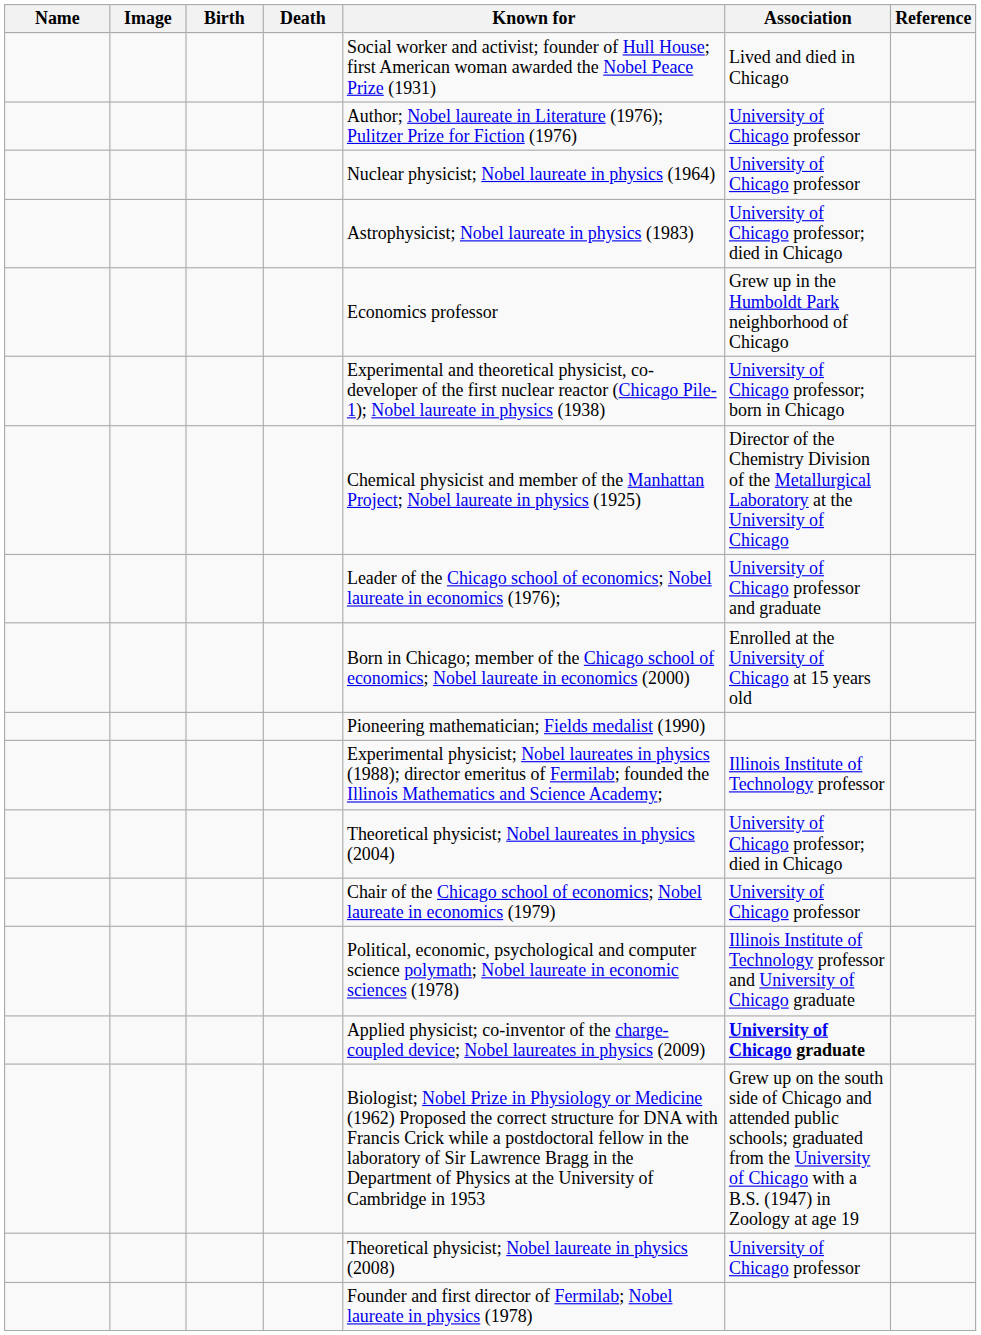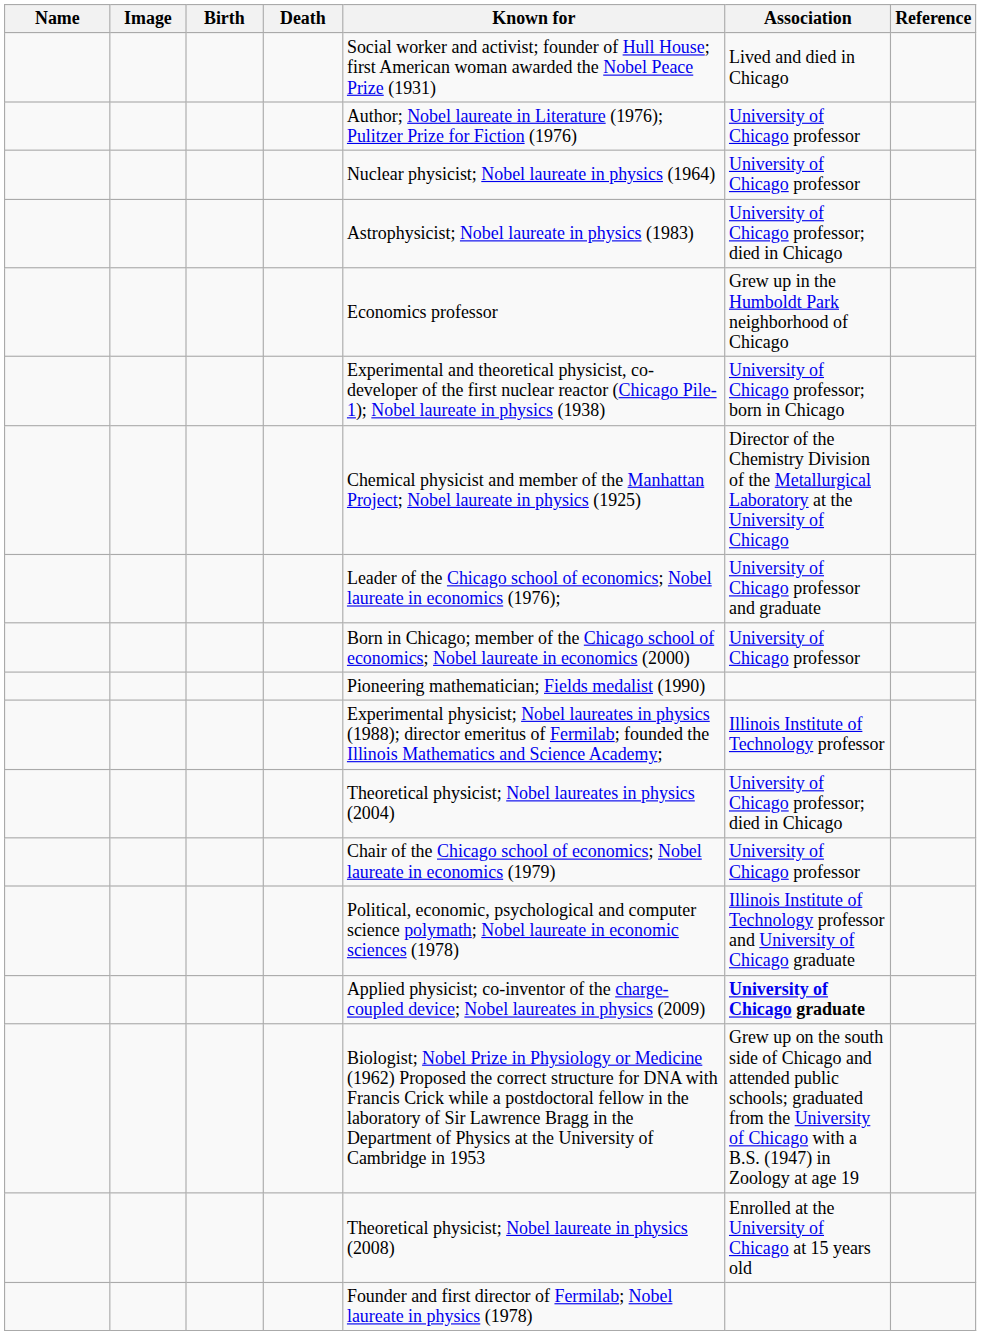 <table class="wikitable sortable">
 <tr>
 <th scope="col" width="140">Name</th>
 <th scope="col" width="80" class="unsortable">Image</th>
 <th scope="col" width="90">Birth</th>
 <th scope="col" width="90">Death</th>
 <th scope="col" width="600" class="unsortable">Known for</th>
 <th scope="col" width="200" class="unsortable">Association</th>
 <th scope="col" width="30" class="unsortable">Reference</th>
 </tr>
 <tr>
 <td></td>
 <td></td>
 <td align=right></td>
 <td align=right></td>
 <td>Social worker and activist; founder of <a href='#'>Hull House</a>; first American woman awarded the <a href='#'>Nobel Peace Prize</a> (1931)</td>
 <td>Lived and died in Chicago</td>
 <td align="center"></td>
 </tr>
 <tr>
 <td></td>
 <td></td>
 <td align=right></td>
 <td align=right></td>
 <td>Author; <a href='#'>Nobel laureate in Literature</a> (1976); <a href='#'>Pulitzer Prize for Fiction</a> (1976)</td>
 <td><a href='#'>University of Chicago</a> professor</td>
 <td align="center"></td>
 </tr>
 <tr>
 <td></td>
 <td></td>
 <td align=right></td>
 <td align=right></td>
 <td>Nuclear physicist; <a href='#'>Nobel laureate in physics</a> (1964)</td>
 <td><a href='#'>University of Chicago</a> professor</td>
 <td align="center"></td>
 </tr>
 <tr>
 <td></td>
 <td></td>
 <td align=right></td>
 <td align=right></td>
 <td>Astrophysicist; <a href='#'>Nobel laureate in physics</a> (1983)</td>
 <td><a href='#'>University of Chicago</a> professor; died in Chicago</td>
 <td align="center"></td>
 </tr>
 <tr>
 <td></td>
 <td></td>
 <td align=right></td>
 <td></td>
 <td>Economics professor</td>
 <td>Grew up in the <a href='#'>Humboldt Park</a> neighborhood of Chicago</td>
 <td align="center"></td>
 </tr>
 <tr>
 <td></td>
 <td></td>
 <td align=right></td>
 <td align=right></td>
 <td>Experimental and theoretical physicist, co-developer of the first nuclear reactor (<a href='#'>Chicago Pile-1</a>); <a href='#'>Nobel laureate in physics</a> (1938)</td>
 <td><a href='#'>University of Chicago</a> professor; born in Chicago</td>
 <td align="center"></td>
 </tr>
 <tr>
 <td></td>
 <td></td>
 <td align=right></td>
 <td align=right></td>
 <td>Chemical physicist and member of the <a href='#'>Manhattan Project</a>; <a href='#'>Nobel laureate in physics</a> (1925)</td>
 <td>Director of the Chemistry Division of the <a href='#'>Metallurgical Laboratory</a> at the <a href='#'>University of Chicago</a></td>
 <td align="center"></td>
 </tr>
 <tr>
 <td></td>
 <td></td>
 <td align=right></td>
 <td align=right></td>
 <td>Leader of the <a href='#'>Chicago school of economics</a>; <a href='#'>Nobel laureate in economics</a> (1976);</td>
 <td><a href='#'>University of Chicago</a> professor and graduate</td>
 <td align="center"></td>
 </tr>
 <tr>
 <td></td>
 <td></td>
 <td align=right></td>
 <td align=right></td>
 <td>Born in Chicago; member of the <a href='#'>Chicago school of economics</a>; <a href='#'>Nobel laureate in economics</a> (2000)</td>
-<td>Enrolled at the <a href='#'>University of Chicago</a> at 15 years old</td>
+<td><a href='#'>University of Chicago</a> professor</td>
 <td align="center"></td>
 </tr>
 <tr>
 <td></td>
 <td></td>
 <td align=right></td>
 <td align=right></td>
 <td>Pioneering mathematician; <a href='#'>Fields medalist</a> (1990)</td>
 <td align="center"></td>
 </tr>
 <tr>
 <td></td>
 <td></td>
 <td align=right></td>
 <td align=right></td>
 <td>Experimental physicist; <a href='#'>Nobel laureates in physics</a> (1988); director emeritus of <a href='#'>Fermilab</a>; founded the <a href='#'>Illinois Mathematics and Science Academy</a>;</td>
 <td><a href='#'>Illinois Institute of Technology</a> professor</td>
 <td align="center"></td>
 </tr>
 <tr>
 <td></td>
 <td></td>
 <td align=right></td>
 <td align=right></td>
 <td>Theoretical physicist; <a href='#'>Nobel laureates in physics</a> (2004)</td>
 <td><a href='#'>University of Chicago</a> professor; died in Chicago</td>
 <td align="center"></td>
 </tr>
 <tr>
 <td></td>
 <td></td>
 <td align=right></td>
 <td align=right></td>
 <td>Chair of the <a href='#'>Chicago school of economics</a>; <a href='#'>Nobel laureate in economics</a> (1979)</td>
 <td><a href='#'>University of Chicago</a> professor</td>
 <td align="center"></td>
 </tr>
 <tr>
 <td></td>
 <td></td>
 <td align=right></td>
 <td align=right></td>
 <td>Political, economic, psychological and computer science <a href='#'>polymath</a>; <a href='#'>Nobel laureate in economic sciences</a> (1978)</td>
 <td><a href='#'>Illinois Institute of Technology</a> professor and <a href='#'>University of Chicago</a> graduate</td>
 <td align="center"></td>
 </tr>
 <tr>
 <td></td>
 <td></td>
 <td align=right></td>
 <td align=right></td>
 <td>Applied physicist; co-inventor of the <a href='#'>charge-coupled device</a>; <a href='#'>Nobel laureates in physics</a> (2009)</td>
 <td><strong><a href='#'>University of Chicago</a> graduate</strong></td>
 <td align="center"></td>
 </tr>
 <tr>
 <td></td>
 <td></td>
 <td align=right></td>
 <td></td>
 <td>Biologist; <a href='#'>Nobel Prize in Physiology or Medicine</a> (1962) Proposed the correct structure for DNA with Francis Crick while a postdoctoral fellow in the laboratory of Sir Lawrence Bragg in the Department of Physics at the University of Cambridge in 1953</td>
 <td>Grew up on the south side of Chicago and attended public schools; graduated from the <a href='#'>University of Chicago</a> with a B.S. (1947) in Zoology at age 19</td>
 <td align="center"></td>
 </tr>
 <tr>
 <td></td>
 <td></td>
 <td align=right></td>
 <td></td>
 <td>Theoretical physicist; <a href='#'>Nobel laureate in physics</a> (2008)</td>
-<td><a href='#'>University of Chicago</a> professor</td>
+<td>Enrolled at the <a href='#'>University of Chicago</a> at 15 years old</td>
 <td align="center"></td>
 </tr>
 <tr>
 <td></td>
 <td></td>
 <td align=right></td>
 <td></td>
 <td>Founder and first director of <a href='#'>Fermilab</a>; <a href='#'>Nobel laureate in physics</a> (1978)</td>
 <td></td>
 <td align="center"></td>
 </tr>
 <tr>
 </tr>
 </table>
